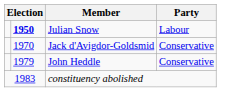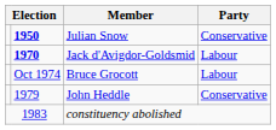 <table class="wikitable">
 <tr>
 <th colspan="2">Election</th>
 <th>Member</th>
 <th>Party</th>
 </tr>
 <tr>
 <td style="color:inherit;background-color: "></td>
 <td><strong><a href='#'>1950</a></strong></td>
 <td><a href='#'>Julian Snow</a></td>
+<td><a href='#'>Conservative</a></td>
+</tr>
+<tr>
+<td style="color:inherit;background-color: "></td>
+<td><strong><a href='#'>1970</a></strong></td>
+<td><a href='#'>Jack d'Avigdor-Goldsmid</a></td>
 <td><a href='#'>Labour</a></td>
 </tr>
 <tr>
 <td style="color:inherit;background-color: "></td>
-<td><a href='#'>1970</a></td>
-<td><a href='#'>Jack d'Avigdor-Goldsmid</a></td>
-<td><a href='#'>Conservative</a></td>
+<td><a href='#'>Oct 1974</a></td>
+<td><a href='#'>Bruce Grocott</a></td>
+<td><a href='#'>Labour</a></td>
 </tr>
 <tr>
 <td style="color:inherit;background-color: "></td>
 <td><a href='#'>1979</a></td>
 <td><a href='#'>John Heddle</a></td>
 <td><a href='#'>Conservative</a></td>
 </tr>
 <tr>
 <td colspan="2" align="center"><a href='#'>1983</a></td>
 <td colspan="2"><em>constituency abolished</em></td>
 </tr>
 </table>
